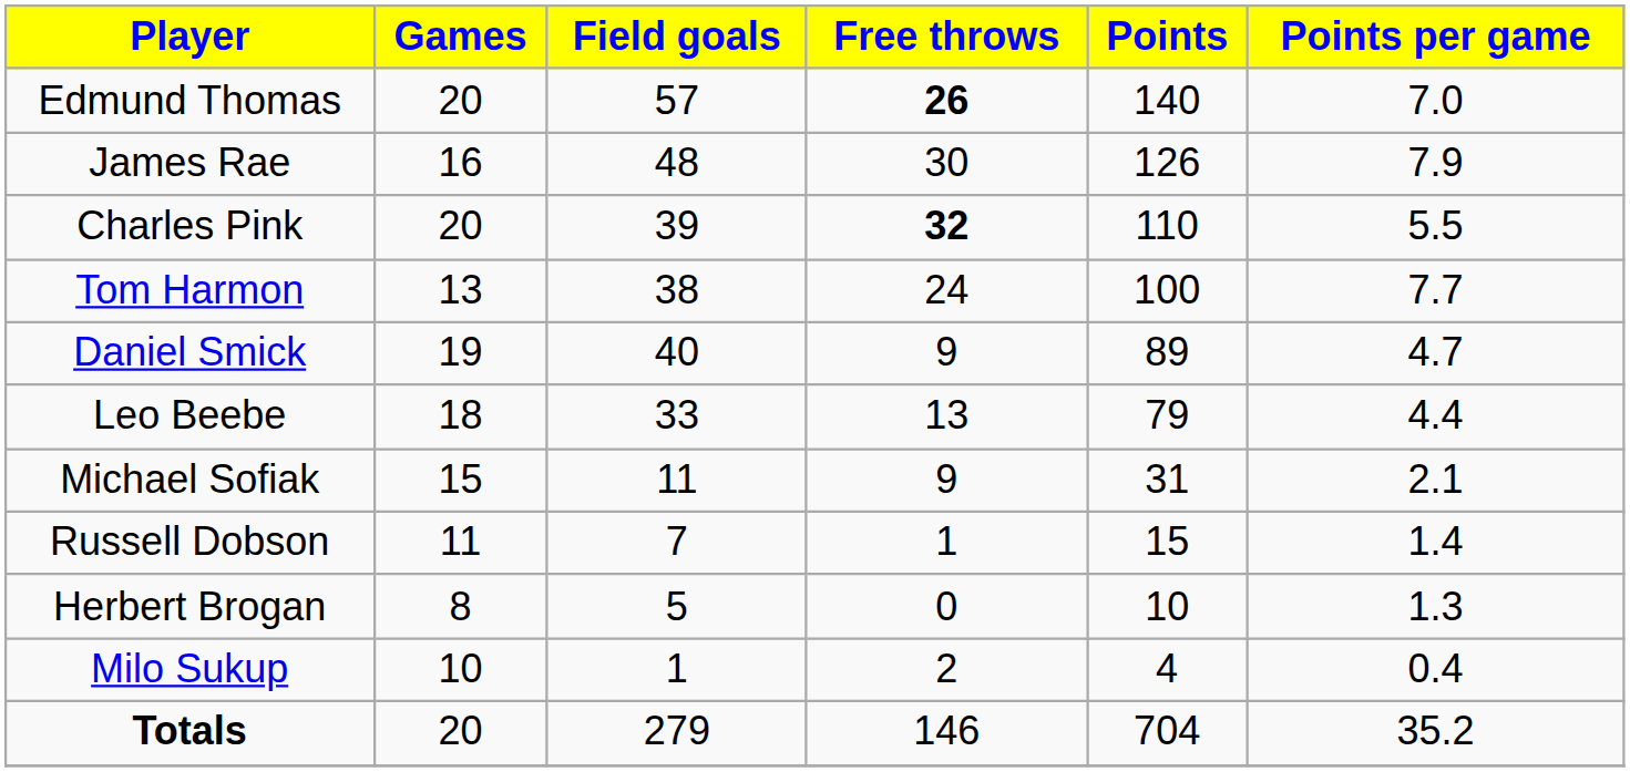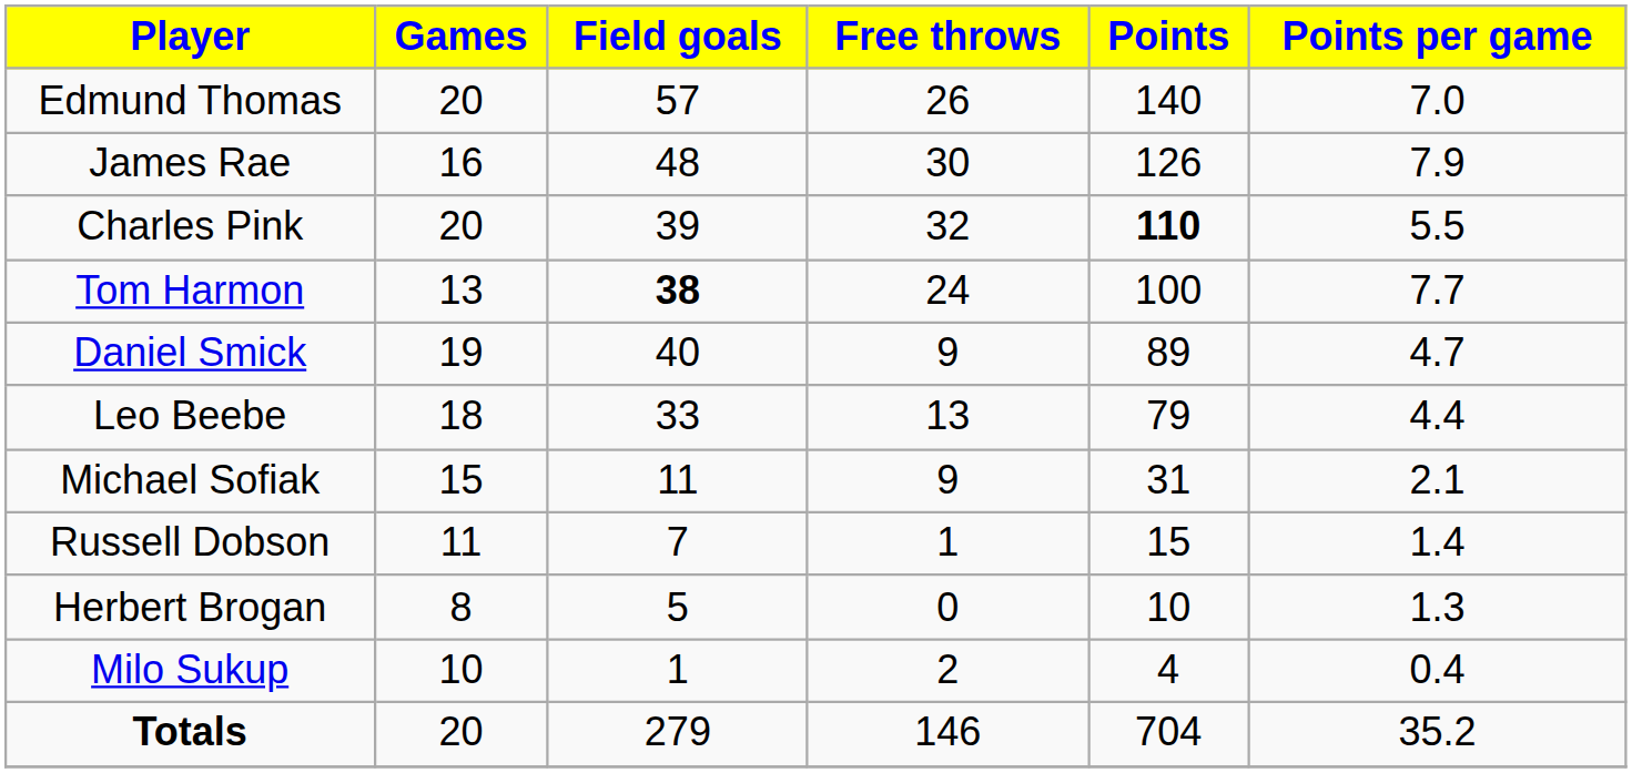 <table class="wikitable" width="650">
 <tr align="center"  style="background:yellow;color:blue;">
 <td><strong>Player</strong></td>
 <td><strong>Games</strong></td>
 <td><strong>Field goals</strong></td>
 <td><strong>Free throws</strong></td>
 <td><strong>Points</strong></td>
 <td><strong>Points per game</strong></td>
 </tr>
 <tr align="center" bgcolor="">
 <td>Edmund Thomas</td>
 <td>20</td>
 <td>57</td>
-<td><strong>26</strong></td>
+<td>26</td>
 <td>140</td>
 <td>7.0</td>
 </tr>
 <tr align="center" bgcolor="">
 <td>James Rae</td>
 <td>16</td>
 <td>48</td>
 <td>30</td>
 <td>126</td>
 <td>7.9</td>
 </tr>
 <tr align="center" bgcolor="">
 <td>Charles Pink</td>
 <td>20</td>
 <td>39</td>
-<td><strong>32</strong></td>
-<td>110</td>
+<td>32</td>
+<td><strong>110</strong></td>
 <td>5.5</td>
 </tr>
 <tr align="center" bgcolor="">
 <td><a href='#'>Tom Harmon</a></td>
 <td>13</td>
-<td>38</td>
+<td><strong>38</strong></td>
 <td>24</td>
 <td>100</td>
 <td>7.7</td>
 </tr>
 <tr align="center" bgcolor="">
 <td><a href='#'>Daniel Smick</a></td>
 <td>19</td>
 <td>40</td>
 <td>9</td>
 <td>89</td>
 <td>4.7</td>
 </tr>
 <tr align="center" bgcolor="">
 <td>Leo Beebe</td>
 <td>18</td>
 <td>33</td>
 <td>13</td>
 <td>79</td>
 <td>4.4</td>
 </tr>
 <tr align="center" bgcolor="">
 <td>Michael Sofiak</td>
 <td>15</td>
 <td>11</td>
 <td>9</td>
 <td>31</td>
 <td>2.1</td>
 </tr>
 <tr align="center" bgcolor="">
 <td>Russell Dobson</td>
 <td>11</td>
 <td>7</td>
 <td>1</td>
 <td>15</td>
 <td>1.4</td>
 </tr>
 <tr align="center" bgcolor="">
 <td>Herbert Brogan</td>
 <td>8</td>
 <td>5</td>
 <td>0</td>
 <td>10</td>
 <td>1.3</td>
 </tr>
 <tr align="center" bgcolor="">
 <td><a href='#'>Milo Sukup</a></td>
 <td>10</td>
 <td>1</td>
 <td>2</td>
 <td>4</td>
 <td>0.4</td>
 </tr>
 <tr align="center" bgcolor="">
 <td><strong>Totals</strong></td>
 <td>20</td>
 <td>279</td>
 <td>146</td>
 <td>704</td>
 <td>35.2</td>
 </tr>
 <tr align="center" bgcolor="">
 </tr>
 </table>
